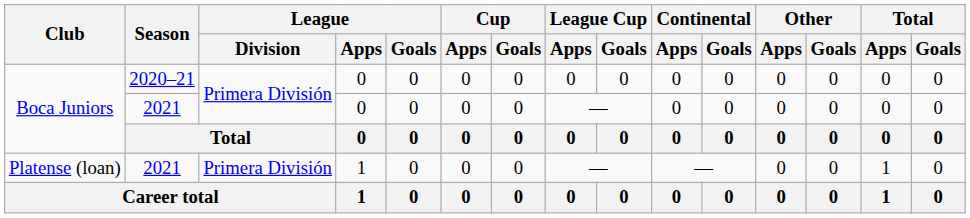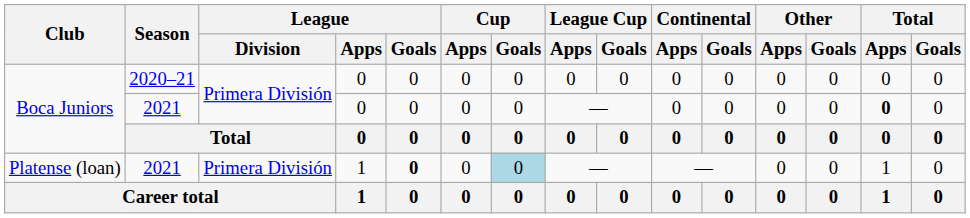 <table class="wikitable" style="text-align:center">
 <tr>
 <th rowspan="2">Club</th>
 <th rowspan="2">Season</th>
 <th colspan="3">League</th>
 <th colspan="2">Cup</th>
 <th colspan="2">League Cup</th>
 <th colspan="2">Continental</th>
 <th colspan="2">Other</th>
 <th colspan="2">Total</th>
 </tr>
 <tr>
 <th>Division</th>
 <th>Apps</th>
 <th>Goals</th>
 <th>Apps</th>
 <th>Goals</th>
 <th>Apps</th>
 <th>Goals</th>
 <th>Apps</th>
 <th>Goals</th>
 <th>Apps</th>
 <th>Goals</th>
 <th>Apps</th>
 <th>Goals</th>
 </tr>
 <tr>
 <td rowspan="3"><a href='#'>Boca Juniors</a></td>
 <td><a href='#'>2020–21</a></td>
 <td rowspan="2"><a href='#'>Primera División</a></td>
 <td>0</td>
 <td>0</td>
 <td>0</td>
 <td>0</td>
 <td>0</td>
 <td>0</td>
 <td>0</td>
 <td>0</td>
 <td>0</td>
 <td>0</td>
 <td>0</td>
 <td>0</td>
 </tr>
 <tr>
 <td><a href='#'>2021</a></td>
 <td>0</td>
 <td>0</td>
 <td>0</td>
 <td>0</td>
 <td colspan="2">—</td>
 <td>0</td>
 <td>0</td>
 <td>0</td>
 <td>0</td>
-<td>0</td>
+<td><strong>0</strong></td>
 <td>0</td>
 </tr>
 <tr>
 <th colspan="2">Total</th>
 <th>0</th>
 <th>0</th>
 <th>0</th>
 <th>0</th>
 <th>0</th>
 <th>0</th>
 <th>0</th>
 <th>0</th>
 <th>0</th>
 <th>0</th>
 <th>0</th>
 <th>0</th>
 </tr>
 <tr>
 <td rowspan="1"><a href='#'>Platense</a> (loan)</td>
 <td><a href='#'>2021</a></td>
 <td rowspan="1"><a href='#'>Primera División</a></td>
 <td>1</td>
+<td><strong>0</strong></td>
 <td>0</td>
-<td>0</td>
-<td>0</td>
+<td style="background: lightblue;">0</td>
 <td colspan="2">—</td>
 <td colspan="2">—</td>
 <td>0</td>
 <td>0</td>
 <td>1</td>
 <td>0</td>
 </tr>
 <tr>
 <th colspan="3">Career total</th>
 <th>1</th>
 <th>0</th>
 <th>0</th>
 <th>0</th>
 <th>0</th>
 <th>0</th>
 <th>0</th>
 <th>0</th>
 <th>0</th>
 <th>0</th>
 <th>1</th>
 <th>0</th>
 </tr>
 </table>
